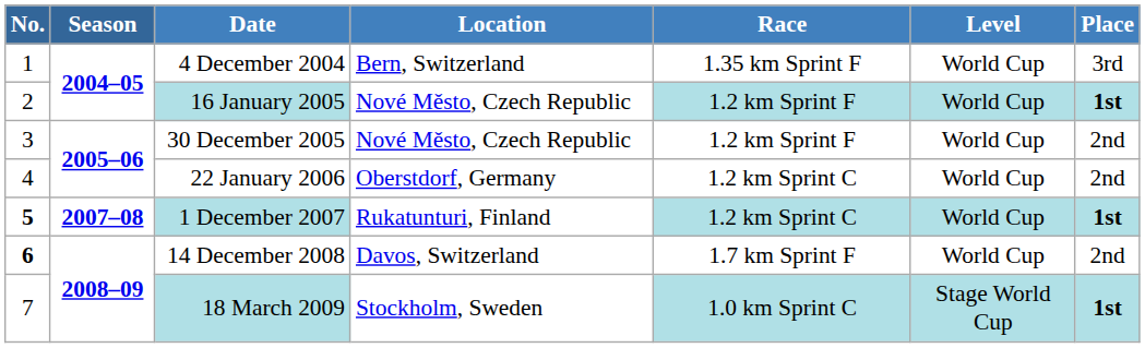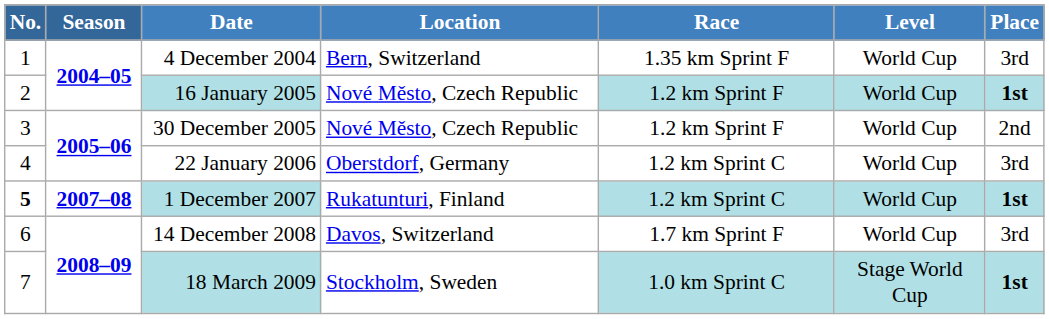 <table class="wikitable sortable" style="font-size:95%; text-align:center; border:grey solid 1px; border-collapse:collapse; background:#ffffff;">
 <tr style="background:#efefef;">
 <th style="background-color:#369; color:white;">No.</th>
 <th style="background-color:#369; color:white;">Season</th>
 <th style="background-color:#4180be; color:white; width:120px;">Date</th>
 <th style="background-color:#4180be; color:white; width:190px;">Location</th>
 <th style="background-color:#4180be; color:white; width:160px;">Race</th>
 <th style="background-color:#4180be; color:white; width:100px;">Level</th>
 <th style="background-color:#4180be; color:white;">Place</th>
 </tr>
 <tr>
 <td align=center>1</td>
 <td rowspan=2 align=center><strong> <a href='#'>2004–05</a> </strong></td>
 <td align=right>4 December 2004</td>
 <td align=left> <a href='#'>Bern</a>, Switzerland</td>
 <td>1.35 km Sprint F</td>
 <td>World Cup</td>
 <td>3rd</td>
 </tr>
 <tr>
 <td align=center>2</td>
 <td bgcolor="#BOEOE6" align=right>16 January 2005</td>
 <td align=left> <a href='#'>Nové Město</a>, Czech Republic</td>
 <td bgcolor="#BOEOE6">1.2 km Sprint F</td>
 <td bgcolor="#BOEOE6">World Cup</td>
 <td bgcolor="#BOEOE6"><strong>1st</strong></td>
 </tr>
 <tr>
 <td align=center>3</td>
 <td rowspan=2 align=center><strong> <a href='#'>2005–06</a> </strong></td>
 <td align=right>30 December 2005</td>
 <td align=left> <a href='#'>Nové Město</a>, Czech Republic</td>
 <td>1.2 km Sprint F</td>
 <td>World Cup</td>
 <td>2nd</td>
 </tr>
 <tr>
 <td align=center>4</td>
 <td align=right>22 January 2006</td>
 <td align=left> <a href='#'>Oberstdorf</a>, Germany</td>
 <td>1.2 km Sprint C</td>
 <td>World Cup</td>
-<td>2nd</td>
+<td>3rd</td>
 </tr>
 <tr>
 <td align=center><strong>5</strong></td>
 <td rowspan=1 align=center><strong><a href='#'>2007–08</a></strong></td>
 <td bgcolor="#BOEOE6" align=right>1 December 2007</td>
 <td align=left> <a href='#'>Rukatunturi</a>, Finland</td>
 <td bgcolor="#BOEOE6">1.2 km Sprint C</td>
 <td bgcolor="#BOEOE6">World Cup</td>
 <td bgcolor="#BOEOE6"><strong>1st</strong></td>
 </tr>
 <tr>
-<td align=center><strong>6</strong></td>
+<td align=center>6</td>
 <td rowspan=2 align=center><strong> <a href='#'>2008–09</a> </strong></td>
 <td align=right>14 December 2008</td>
 <td align=left> <a href='#'>Davos</a>, Switzerland</td>
 <td>1.7 km Sprint F</td>
 <td>World Cup</td>
-<td>2nd</td>
+<td>3rd</td>
 </tr>
 <tr>
 <td align=center>7</td>
 <td bgcolor="#BOEOE6" align=right>18 March 2009</td>
 <td align=left> <a href='#'>Stockholm</a>, Sweden</td>
 <td bgcolor="#BOEOE6">1.0 km Sprint C</td>
 <td bgcolor="#BOEOE6">Stage World Cup</td>
 <td bgcolor="#BOEOE6"><strong>1st</strong></td>
 </tr>
 </table>
